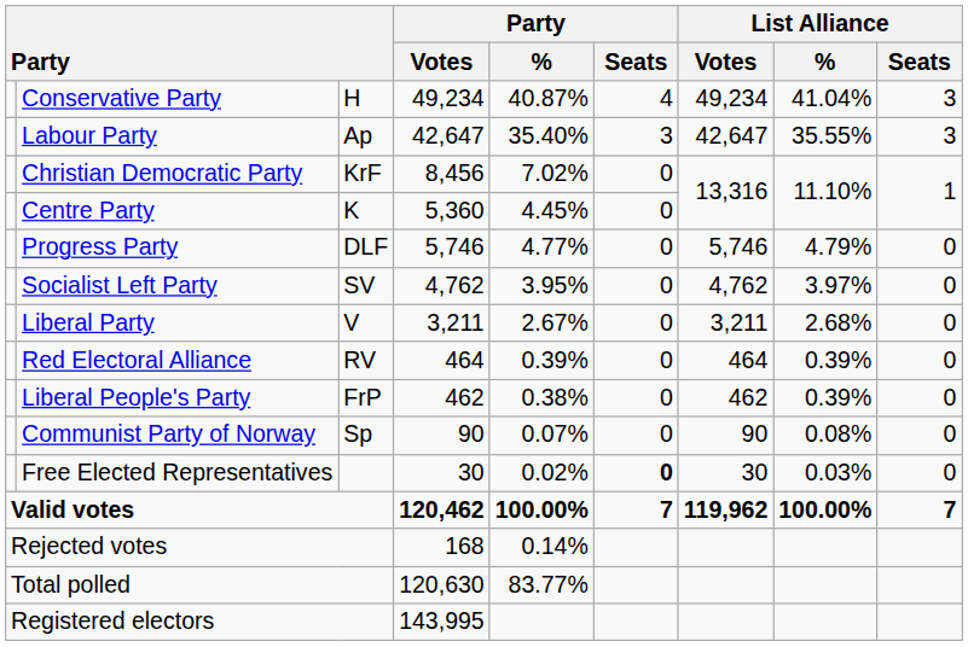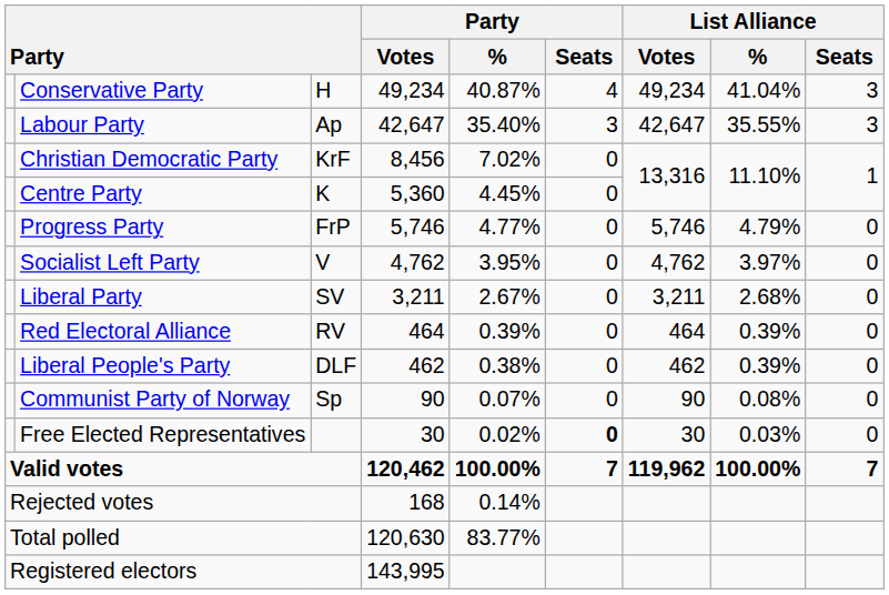 <table class="wikitable" border="1" style="text-align:right;">
 <tr>
 <th style="text-align:left;" valign=bottom rowspan=2 colspan=3>Party</th>
 <th colspan=3>Party</th>
 <th colspan=3>List Alliance</th>
 </tr>
 <tr>
 <th align=center valign=bottom width="50">Votes</th>
 <th align=center valign=bottom width="50">%</th>
 <th align=center valign=bottom width="50">Seats</th>
 <th align=center valign=bottom width="50">Votes</th>
 <th align=center valign=bottom width="50">%</th>
 <th align=center valign=bottom width="50">Seats</th>
 </tr>
 <tr>
 <td style="color:inherit;background:"></td>
 <td align=left><a href='#'>Conservative Party</a></td>
 <td align=left>H</td>
 <td>49,234</td>
 <td>40.87%</td>
 <td>4</td>
 <td>49,234</td>
 <td>41.04%</td>
 <td>3</td>
 </tr>
 <tr>
 <td style="color:inherit;background:"></td>
 <td align=left><a href='#'>Labour Party</a></td>
 <td align=left>Ap</td>
 <td>42,647</td>
 <td>35.40%</td>
 <td>3</td>
 <td>42,647</td>
 <td>35.55%</td>
 <td>3</td>
 </tr>
 <tr>
 <td style="color:inherit;background:"></td>
 <td align=left><a href='#'>Christian Democratic Party</a></td>
 <td align=left>KrF</td>
 <td>8,456</td>
 <td>7.02%</td>
 <td>0</td>
 <td rowspan=2>13,316</td>
 <td rowspan=2>11.10%</td>
 <td rowspan=2>1</td>
 </tr>
 <tr>
 <td style="color:inherit;background:"></td>
 <td align=left><a href='#'>Centre Party</a></td>
 <td align=left>K</td>
 <td>5,360</td>
 <td>4.45%</td>
 <td>0</td>
 </tr>
 <tr>
 <td style="color:inherit;background:"></td>
 <td align=left><a href='#'>Progress Party</a></td>
-<td align=left>DLF</td>
+<td align=left>FrP</td>
 <td>5,746</td>
 <td>4.77%</td>
 <td>0</td>
 <td>5,746</td>
 <td>4.79%</td>
 <td>0</td>
 </tr>
 <tr>
 <td style="color:inherit;background:"></td>
 <td align=left><a href='#'>Socialist Left Party</a></td>
-<td align=left>SV</td>
+<td align=left>V</td>
 <td>4,762</td>
 <td>3.95%</td>
 <td>0</td>
 <td>4,762</td>
 <td>3.97%</td>
 <td>0</td>
 </tr>
 <tr>
 <td style="color:inherit;background:"></td>
 <td align=left><a href='#'>Liberal Party</a></td>
-<td align=left>V</td>
+<td align=left>SV</td>
 <td>3,211</td>
 <td>2.67%</td>
 <td>0</td>
 <td>3,211</td>
 <td>2.68%</td>
 <td>0</td>
 </tr>
 <tr>
 <td style="color:inherit;background:"></td>
 <td align=left><a href='#'>Red Electoral Alliance</a></td>
 <td align=left>RV</td>
 <td>464</td>
 <td>0.39%</td>
 <td>0</td>
 <td>464</td>
 <td>0.39%</td>
 <td>0</td>
 </tr>
 <tr>
 <td style="color:inherit;background:"></td>
 <td align=left><a href='#'>Liberal People's Party</a></td>
-<td align=left>FrP</td>
+<td align=left>DLF</td>
 <td>462</td>
 <td>0.38%</td>
 <td>0</td>
 <td>462</td>
 <td>0.39%</td>
 <td>0</td>
 </tr>
 <tr>
 <td style="color:inherit;background:"></td>
 <td align=left><a href='#'>Communist Party of Norway</a></td>
 <td align=left>Sp</td>
 <td>90</td>
 <td>0.07%</td>
 <td>0</td>
 <td>90</td>
 <td>0.08%</td>
 <td>0</td>
 </tr>
 <tr>
 <td></td>
 <td align=left>Free Elected Representatives</td>
 <td align=left></td>
 <td>30</td>
 <td>0.02%</td>
 <td><strong>0</strong></td>
 <td>30</td>
 <td>0.03%</td>
 <td>0</td>
 </tr>
 <tr style="font-weight:bold">
 <td align=left colspan=3>Valid votes</td>
 <td>120,462</td>
 <td>100.00%</td>
 <td>7</td>
 <td>119,962</td>
 <td>100.00%</td>
 <td>7</td>
 </tr>
 <tr>
 <td align=left colspan=3>Rejected votes</td>
 <td>168</td>
 <td>0.14%</td>
 <td></td>
 <td></td>
 <td></td>
 <td></td>
 </tr>
 <tr>
 <td align=left colspan=3>Total polled</td>
 <td>120,630</td>
 <td>83.77%</td>
 <td></td>
 <td></td>
 <td></td>
 <td></td>
 </tr>
 <tr>
 <td align=left colspan=3>Registered electors</td>
 <td>143,995</td>
 <td></td>
 <td></td>
 <td></td>
 <td></td>
 </tr>
 </table>
